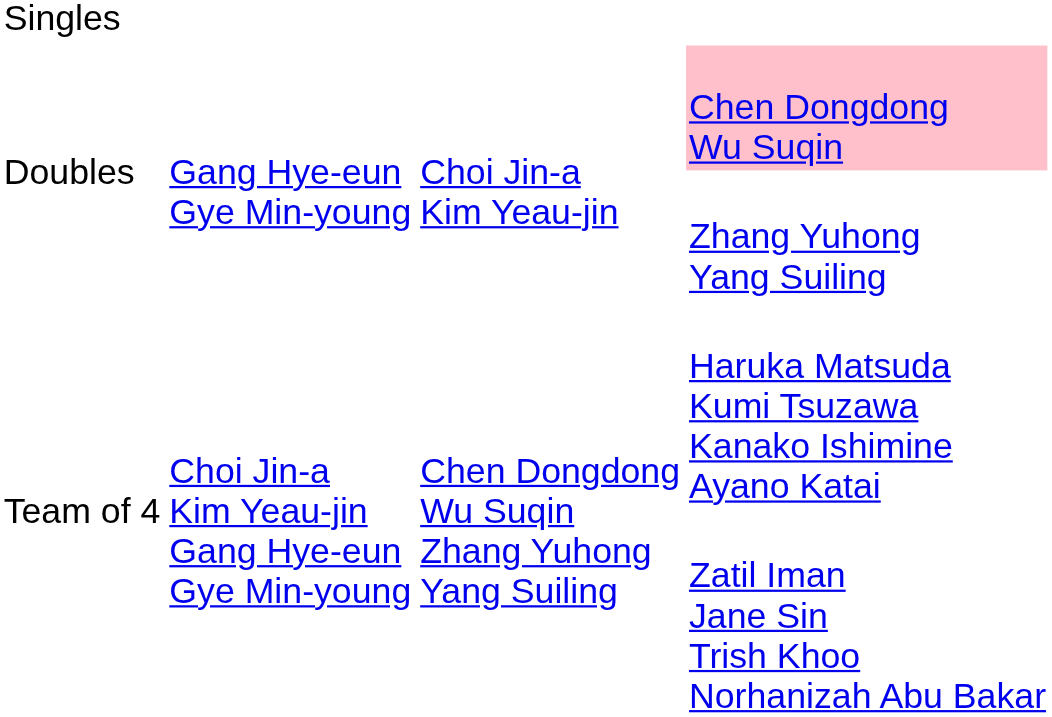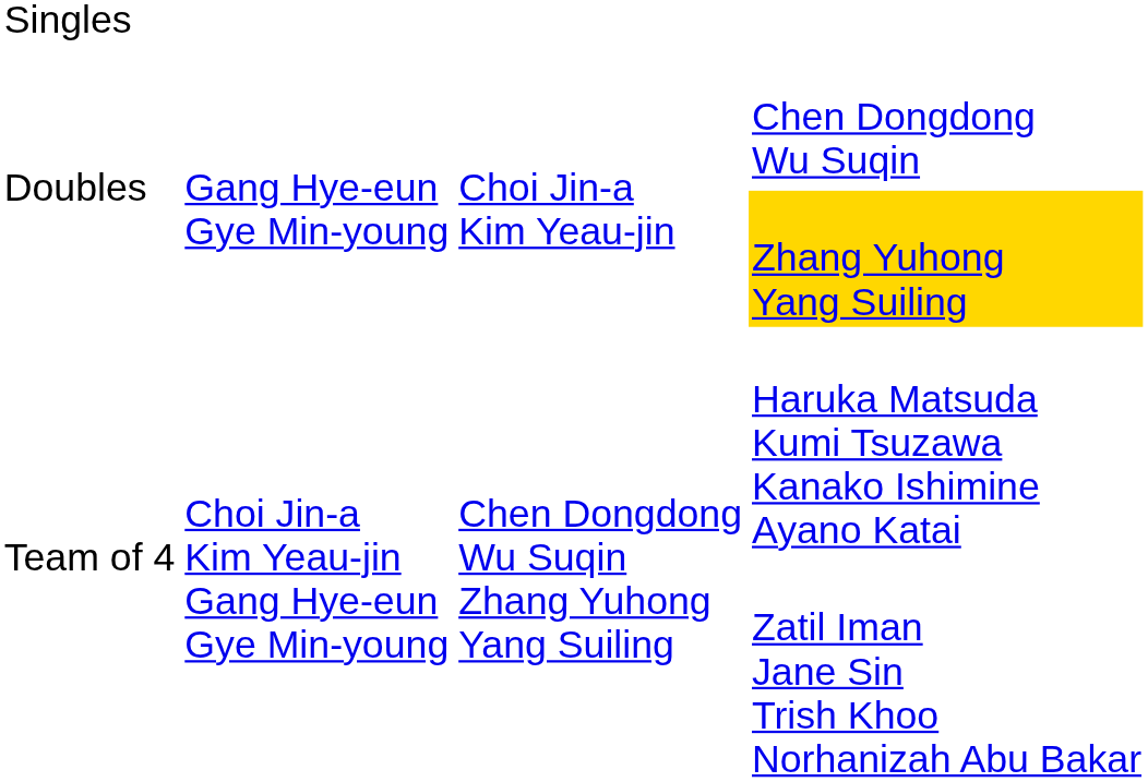 <table>
 <tr>
 <td rowspan=2>Singles</td>
 <td rowspan=2></td>
 <td rowspan=2></td>
 <td></td>
 </tr>
 <tr>
 <td></td>
 </tr>
 <tr>
 <td rowspan=2>Doubles</td>
 <td rowspan=2><br><a href='#'>Gang Hye-eun</a><br><a href='#'>Gye Min-young</a></td>
 <td rowspan=2><br><a href='#'>Choi Jin-a</a><br><a href='#'>Kim Yeau-jin</a></td>
-<td style="background: pink;"><br><a href='#'>Chen Dongdong</a><br><a href='#'>Wu Suqin</a></td>
+<td><br><a href='#'>Chen Dongdong</a><br><a href='#'>Wu Suqin</a></td>
 </tr>
 <tr>
-<td><br><a href='#'>Zhang Yuhong</a><br><a href='#'>Yang Suiling</a></td>
+<td style="background: gold;"><br><a href='#'>Zhang Yuhong</a><br><a href='#'>Yang Suiling</a></td>
 </tr>
 <tr>
 <td rowspan=2>Team of 4</td>
 <td rowspan=2><br><a href='#'>Choi Jin-a</a><br><a href='#'>Kim Yeau-jin</a><br><a href='#'>Gang Hye-eun</a><br><a href='#'>Gye Min-young</a></td>
 <td rowspan=2><br><a href='#'>Chen Dongdong</a><br><a href='#'>Wu Suqin</a><br><a href='#'>Zhang Yuhong</a><br><a href='#'>Yang Suiling</a></td>
 <td><br><a href='#'>Haruka Matsuda</a><br><a href='#'>Kumi Tsuzawa</a><br><a href='#'>Kanako Ishimine</a><br><a href='#'>Ayano Katai</a></td>
 </tr>
 <tr>
 <td><br><a href='#'>Zatil Iman</a><br><a href='#'>Jane Sin</a><br><a href='#'>Trish Khoo</a><br><a href='#'>Norhanizah Abu Bakar</a></td>
 </tr>
 </table>
